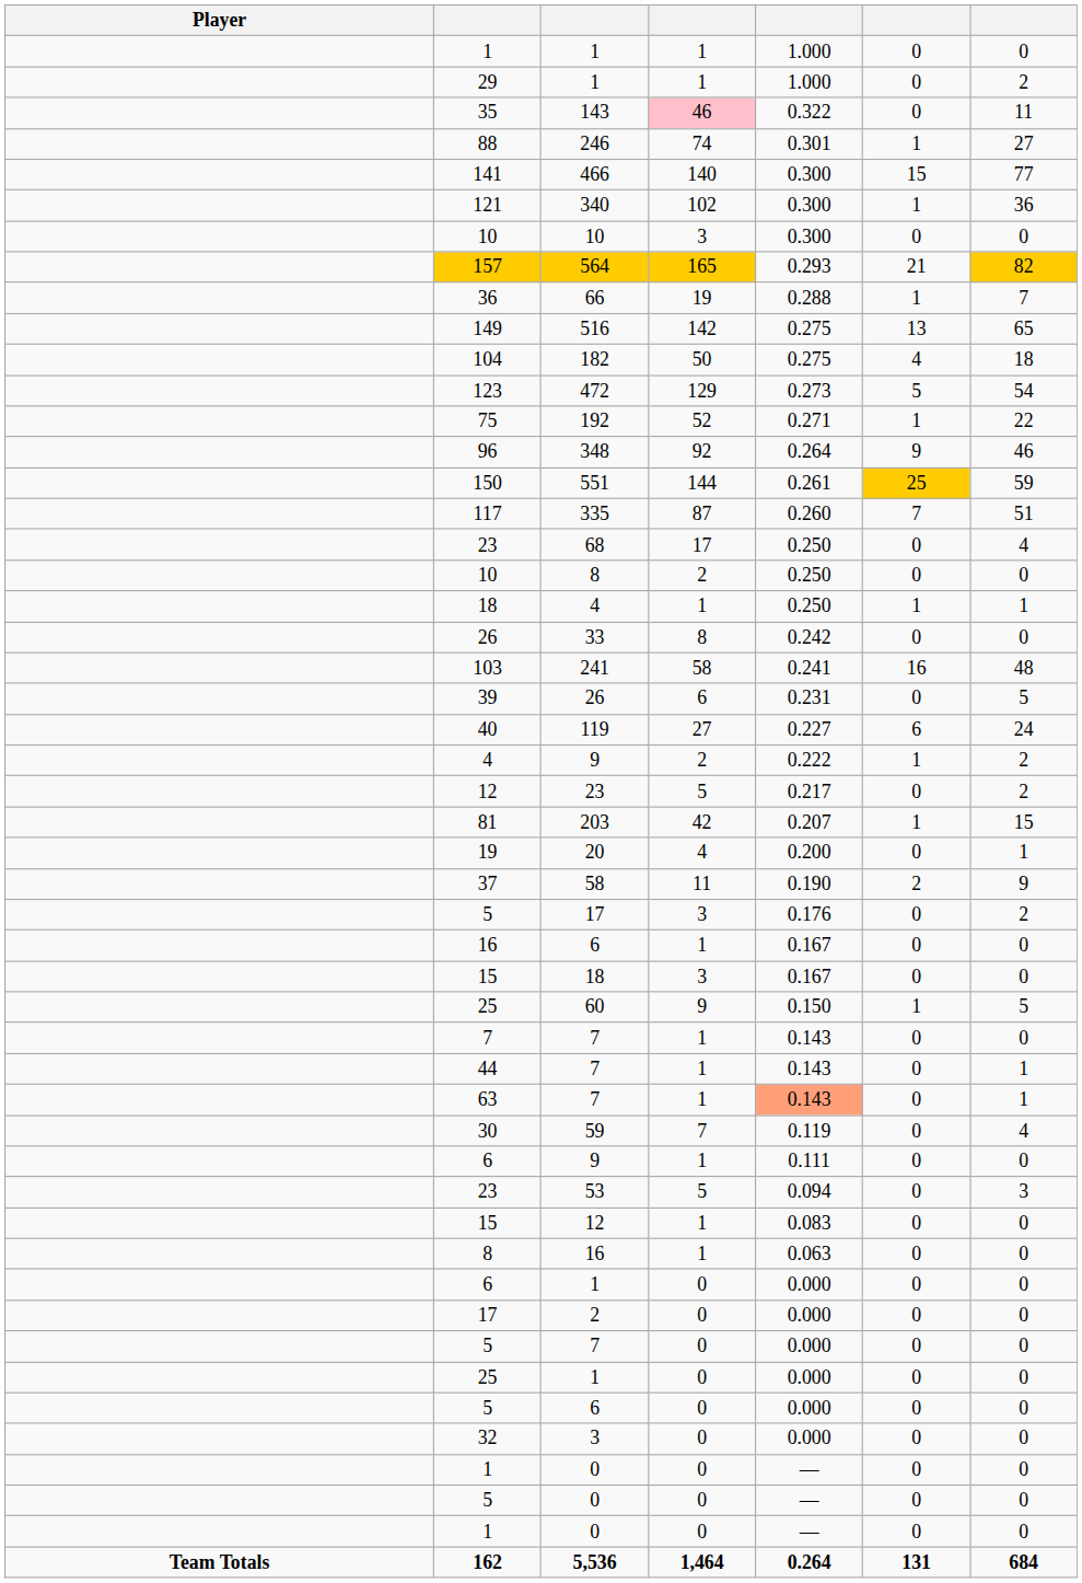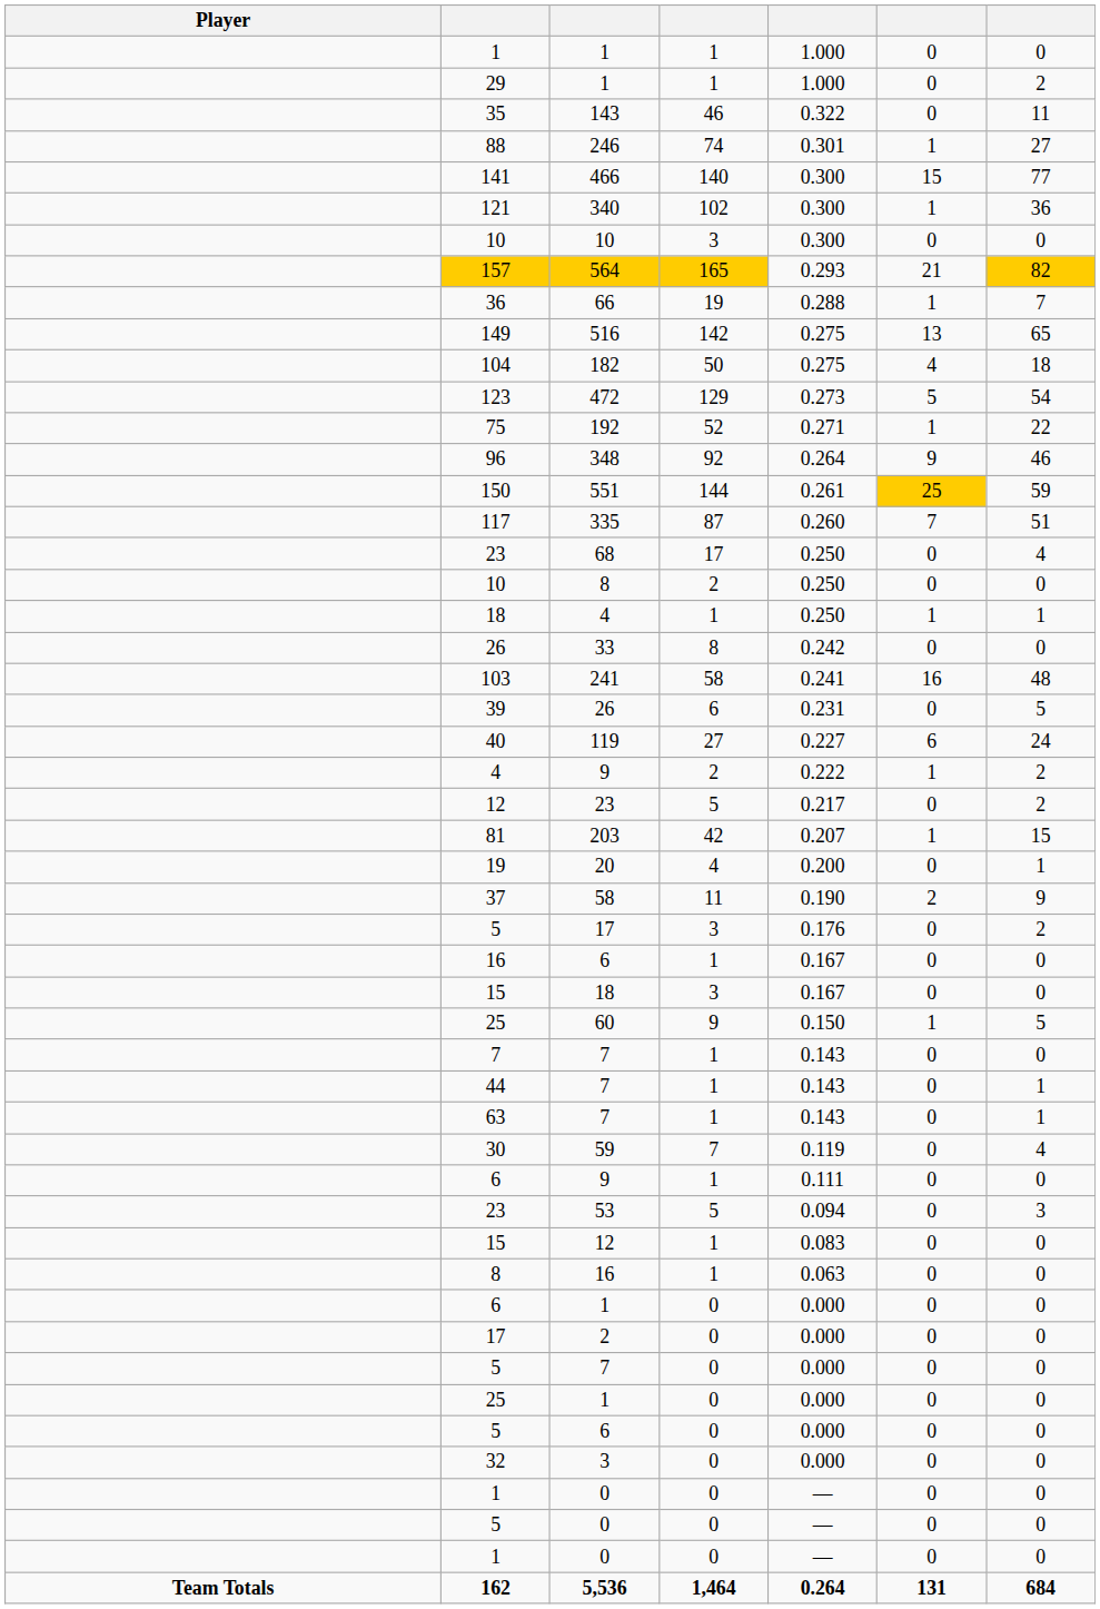 <table class="wikitable sortable" style="text-align:center;" width="100%">
 <tr>
 <th width="40%">Player</th>
 <th width="10%"></th>
 <th width="10%"></th>
 <th width="10%"></th>
 <th width="10%"></th>
 <th width="10%"></th>
 <th width="10%"></th>
 </tr>
 <tr>
 <td></td>
 <td>1</td>
 <td>1</td>
 <td>1</td>
 <td>1.000</td>
 <td>0</td>
 <td>0</td>
 </tr>
 <tr>
 <td></td>
 <td>29</td>
 <td>1</td>
 <td>1</td>
 <td>1.000</td>
 <td>0</td>
 <td>2</td>
 </tr>
 <tr>
 <td></td>
 <td>35</td>
 <td>143</td>
-<td style="background: pink;">46</td>
+<td>46</td>
 <td>0.322</td>
 <td>0</td>
 <td>11</td>
 </tr>
 <tr>
 <td></td>
 <td>88</td>
 <td>246</td>
 <td>74</td>
 <td>0.301</td>
 <td>1</td>
 <td>27</td>
 </tr>
 <tr>
 <td></td>
 <td>141</td>
 <td>466</td>
 <td>140</td>
 <td>0.300</td>
 <td>15</td>
 <td>77</td>
 </tr>
 <tr>
 <td></td>
 <td>121</td>
 <td>340</td>
 <td>102</td>
 <td>0.300</td>
 <td>1</td>
 <td>36</td>
 </tr>
 <tr>
 <td></td>
 <td>10</td>
 <td>10</td>
 <td>3</td>
 <td>0.300</td>
 <td>0</td>
 <td>0</td>
 </tr>
 <tr>
 <td></td>
 <td style="background:#fc0;">157</td>
 <td style="background:#fc0;">564</td>
 <td style="background:#fc0;">165</td>
 <td>0.293</td>
 <td>21</td>
 <td style="background:#fc0;">82</td>
 </tr>
 <tr>
 <td></td>
 <td>36</td>
 <td>66</td>
 <td>19</td>
 <td>0.288</td>
 <td>1</td>
 <td>7</td>
 </tr>
 <tr>
 <td></td>
 <td>149</td>
 <td>516</td>
 <td>142</td>
 <td>0.275</td>
 <td>13</td>
 <td>65</td>
 </tr>
 <tr>
 <td></td>
 <td>104</td>
 <td>182</td>
 <td>50</td>
 <td>0.275</td>
 <td>4</td>
 <td>18</td>
 </tr>
 <tr>
 <td></td>
 <td>123</td>
 <td>472</td>
 <td>129</td>
 <td>0.273</td>
 <td>5</td>
 <td>54</td>
 </tr>
 <tr>
 <td></td>
 <td>75</td>
 <td>192</td>
 <td>52</td>
 <td>0.271</td>
 <td>1</td>
 <td>22</td>
 </tr>
 <tr>
 <td></td>
 <td>96</td>
 <td>348</td>
 <td>92</td>
 <td>0.264</td>
 <td>9</td>
 <td>46</td>
 </tr>
 <tr>
 <td></td>
 <td>150</td>
 <td>551</td>
 <td>144</td>
 <td>0.261</td>
 <td style="background:#fc0;">25</td>
 <td>59</td>
 </tr>
 <tr>
 <td></td>
 <td>117</td>
 <td>335</td>
 <td>87</td>
 <td>0.260</td>
 <td>7</td>
 <td>51</td>
 </tr>
 <tr>
 <td></td>
 <td>23</td>
 <td>68</td>
 <td>17</td>
 <td>0.250</td>
 <td>0</td>
 <td>4</td>
 </tr>
 <tr>
 <td></td>
 <td>10</td>
 <td>8</td>
 <td>2</td>
 <td>0.250</td>
 <td>0</td>
 <td>0</td>
 </tr>
 <tr>
 <td></td>
 <td>18</td>
 <td>4</td>
 <td>1</td>
 <td>0.250</td>
 <td>1</td>
 <td>1</td>
 </tr>
 <tr>
 <td></td>
 <td>26</td>
 <td>33</td>
 <td>8</td>
 <td>0.242</td>
 <td>0</td>
 <td>0</td>
 </tr>
 <tr>
 <td></td>
 <td>103</td>
 <td>241</td>
 <td>58</td>
 <td>0.241</td>
 <td>16</td>
 <td>48</td>
 </tr>
 <tr>
 <td></td>
 <td>39</td>
 <td>26</td>
 <td>6</td>
 <td>0.231</td>
 <td>0</td>
 <td>5</td>
 </tr>
 <tr>
 <td></td>
 <td>40</td>
 <td>119</td>
 <td>27</td>
 <td>0.227</td>
 <td>6</td>
 <td>24</td>
 </tr>
 <tr>
 <td></td>
 <td>4</td>
 <td>9</td>
 <td>2</td>
 <td>0.222</td>
 <td>1</td>
 <td>2</td>
 </tr>
 <tr>
 <td></td>
 <td>12</td>
 <td>23</td>
 <td>5</td>
 <td>0.217</td>
 <td>0</td>
 <td>2</td>
 </tr>
 <tr>
 <td></td>
 <td>81</td>
 <td>203</td>
 <td>42</td>
 <td>0.207</td>
 <td>1</td>
 <td>15</td>
 </tr>
 <tr>
 <td></td>
 <td>19</td>
 <td>20</td>
 <td>4</td>
 <td>0.200</td>
 <td>0</td>
 <td>1</td>
 </tr>
 <tr>
 <td></td>
 <td>37</td>
 <td>58</td>
 <td>11</td>
 <td>0.190</td>
 <td>2</td>
 <td>9</td>
 </tr>
 <tr>
 <td></td>
 <td>5</td>
 <td>17</td>
 <td>3</td>
 <td>0.176</td>
 <td>0</td>
 <td>2</td>
 </tr>
 <tr>
 <td></td>
 <td>16</td>
 <td>6</td>
 <td>1</td>
 <td>0.167</td>
 <td>0</td>
 <td>0</td>
 </tr>
 <tr>
 <td></td>
 <td>15</td>
 <td>18</td>
 <td>3</td>
 <td>0.167</td>
 <td>0</td>
 <td>0</td>
 </tr>
 <tr>
 <td></td>
 <td>25</td>
 <td>60</td>
 <td>9</td>
 <td>0.150</td>
 <td>1</td>
 <td>5</td>
 </tr>
 <tr>
 <td></td>
 <td>7</td>
 <td>7</td>
 <td>1</td>
 <td>0.143</td>
 <td>0</td>
 <td>0</td>
 </tr>
 <tr>
 <td></td>
 <td>44</td>
 <td>7</td>
 <td>1</td>
 <td>0.143</td>
 <td>0</td>
 <td>1</td>
 </tr>
 <tr>
 <td></td>
 <td>63</td>
 <td>7</td>
 <td>1</td>
-<td style="background: lightsalmon;">0.143</td>
+<td>0.143</td>
 <td>0</td>
 <td>1</td>
 </tr>
 <tr>
 <td></td>
 <td>30</td>
 <td>59</td>
 <td>7</td>
 <td>0.119</td>
 <td>0</td>
 <td>4</td>
 </tr>
 <tr>
 <td></td>
 <td>6</td>
 <td>9</td>
 <td>1</td>
 <td>0.111</td>
 <td>0</td>
 <td>0</td>
 </tr>
 <tr>
 <td></td>
 <td>23</td>
 <td>53</td>
 <td>5</td>
 <td>0.094</td>
 <td>0</td>
 <td>3</td>
 </tr>
 <tr>
 <td></td>
 <td>15</td>
 <td>12</td>
 <td>1</td>
 <td>0.083</td>
 <td>0</td>
 <td>0</td>
 </tr>
 <tr>
 <td></td>
 <td>8</td>
 <td>16</td>
 <td>1</td>
 <td>0.063</td>
 <td>0</td>
 <td>0</td>
 </tr>
 <tr>
 <td></td>
 <td>6</td>
 <td>1</td>
 <td>0</td>
 <td>0.000</td>
 <td>0</td>
 <td>0</td>
 </tr>
 <tr>
 <td></td>
 <td>17</td>
 <td>2</td>
 <td>0</td>
 <td>0.000</td>
 <td>0</td>
 <td>0</td>
 </tr>
 <tr>
 <td></td>
 <td>5</td>
 <td>7</td>
 <td>0</td>
 <td>0.000</td>
 <td>0</td>
 <td>0</td>
 </tr>
 <tr>
 <td></td>
 <td>25</td>
 <td>1</td>
 <td>0</td>
 <td>0.000</td>
 <td>0</td>
 <td>0</td>
 </tr>
 <tr>
 <td></td>
 <td>5</td>
 <td>6</td>
 <td>0</td>
 <td>0.000</td>
 <td>0</td>
 <td>0</td>
 </tr>
 <tr>
 <td></td>
 <td>32</td>
 <td>3</td>
 <td>0</td>
 <td>0.000</td>
 <td>0</td>
 <td>0</td>
 </tr>
 <tr>
 <td></td>
 <td>1</td>
 <td>0</td>
 <td>0</td>
 <td>—</td>
 <td>0</td>
 <td>0</td>
 </tr>
 <tr>
 <td></td>
 <td>5</td>
 <td>0</td>
 <td>0</td>
 <td>—</td>
 <td>0</td>
 <td>0</td>
 </tr>
 <tr>
 <td></td>
 <td>1</td>
 <td>0</td>
 <td>0</td>
 <td>—</td>
 <td>0</td>
 <td>0</td>
 </tr>
 <tr>
 <td><strong>Team Totals</strong></td>
 <td><strong>162</strong></td>
 <td><strong>5,536</strong></td>
 <td><strong>1,464</strong></td>
 <td><strong>0.264</strong></td>
 <td><strong>131</strong></td>
 <td><strong>684</strong></td>
 </tr>
 </table>
